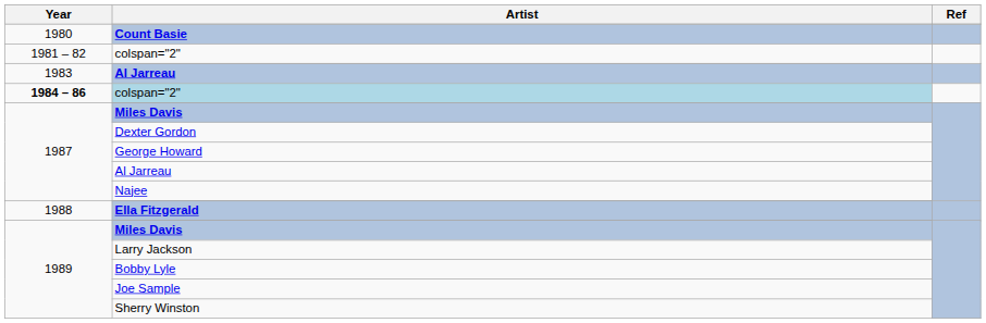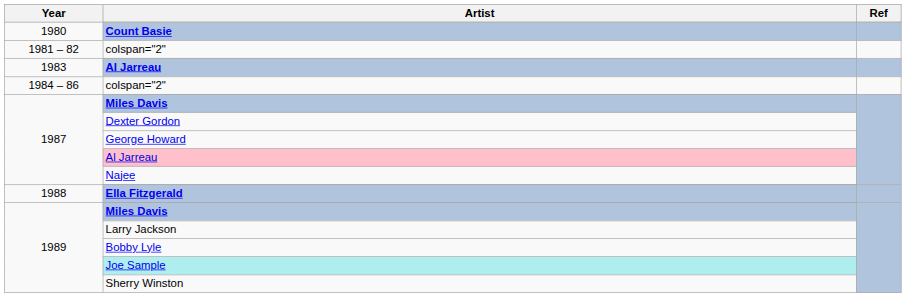 <table class="wikitable" style="width:100%;">
 <tr style="background:#bebebe;">
 <th style="width:11%;">Year</th>
 <th style="width:84%;">Artist</th>
 <th style="width:5%;">Ref</th>
 </tr>
 <tr>
 <td rowspan="2" align="center">1980</td>
 </tr>
 <tr style="background:#B0C4DE">
 <td><strong><a href='#'>Count Basie</a></strong></td>
 <td align="center"></td>
 </tr>
 <tr>
 <td align="center">1981 – 82</td>
 <td>colspan="2" </td>
 </tr>
 <tr>
 <td rowspan="2" align="center">1983</td>
 </tr>
 <tr style="background:#B0C4DE">
 <td><strong><a href='#'>Al Jarreau</a></strong></td>
 <td align="center"></td>
 </tr>
 <tr>
-<td align="center"><strong>1984 – 86</strong></td>
-<td style="background: lightblue;">colspan="2" </td>
+<td align="center">1984 – 86</td>
+<td>colspan="2" </td>
 </tr>
 <tr>
 <td rowspan="6" align="center">1987</td>
 </tr>
 <tr style="background:#B0C4DE">
 <td><strong><a href='#'>Miles Davis</a></strong></td>
 <td rowspan="6" align="center"></td>
 </tr>
 <tr>
 <td><a href='#'>Dexter Gordon</a></td>
 </tr>
 <tr>
 <td><a href='#'>George Howard</a></td>
 </tr>
 <tr>
-<td><a href='#'>Al Jarreau</a></td>
+<td style="background: pink;"><a href='#'>Al Jarreau</a></td>
 </tr>
 <tr>
 <td><a href='#'>Najee</a></td>
 </tr>
 <tr>
 <td rowspan="2" align="center">1988</td>
 </tr>
 <tr style="background:#B0C4DE">
 <td><strong><a href='#'>Ella Fitzgerald</a></strong></td>
 <td rowspan="2" align="center"></td>
 </tr>
 <tr>
 <td rowspan="6" align="center">1989</td>
 </tr>
 <tr style="background:#B0C4DE">
 <td><strong><a href='#'>Miles Davis</a></strong></td>
 <td rowspan="6" align="center"></td>
 </tr>
 <tr>
 <td>Larry Jackson</td>
 </tr>
 <tr>
 <td><a href='#'>Bobby Lyle</a></td>
 </tr>
 <tr>
-<td><a href='#'>Joe Sample</a></td>
+<td style="background: paleturquoise;"><a href='#'>Joe Sample</a></td>
 </tr>
 <tr>
 <td>Sherry Winston</td>
 </tr>
 </table>
